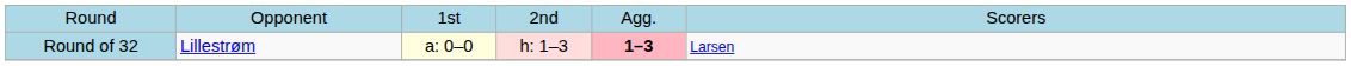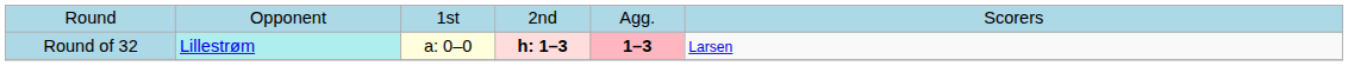 <table class="wikitable" style="text-align:center">
 <tr bgcolor=lightblue>
 <td width=150px>Round</td>
 <td width=200px>Opponent</td>
 <td width=80px>1st</td>
 <td width=80px>2nd</td>
 <td width=80px>Agg.</td>
 <td width=600px>Scorers</td>
 </tr>
 <tr>
 <td bgcolor=lightblue>Round of 32</td>
-<td align=left> <a href='#'>Lillestrøm</a></td>
+<td align=left style="background: paleturquoise;"> <a href='#'>Lillestrøm</a></td>
 <td bgcolor=#ffffdd>a: 0–0</td>
-<td bgcolor=#ffdddd>h: 1–3</td>
+<td bgcolor=#ffdddd><strong>h: 1–3</strong></td>
 <td bgcolor=lightpink><strong>1–3</strong></td>
 <td align=left><small><a href='#'>Larsen</a></small></td>
 </tr>
 <tr>
 </tr>
 </table>
